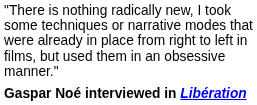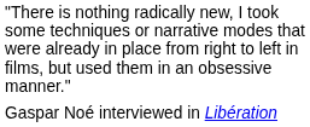 <table class="toccolours" style="float: left; margin-right: 1em; font-size: 85%; color:black; width:20em; max-width: 35%;" cellspacing="5">
 <tr>
 <td style="text-align: left;">"There is nothing radically new, I took some techniques or narrative modes that were already in place from right to left in films, but used them in an obsessive manner."</td>
 </tr>
 <tr>
-<td style="text-align: left;"><strong>Gaspar Noé interviewed in <em><a href='#'>Libération</a></em></strong></td>
+<td style="text-align: left;">Gaspar Noé interviewed in <em><a href='#'>Libération</a></em></td>
 </tr>
 </table>
